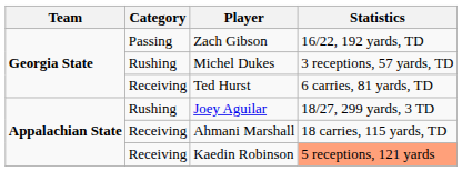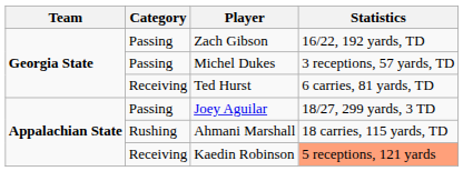 <table class="wikitable" style="float: right;">
 <tr>
 <th>Team</th>
 <th>Category</th>
 <th>Player</th>
 <th>Statistics</th>
 </tr>
 <tr>
 <td rowspan=3><strong>Georgia State</strong></td>
 <td>Passing</td>
 <td>Zach Gibson</td>
 <td>16/22, 192 yards, TD</td>
 </tr>
 <tr>
-<td>Rushing</td>
+<td>Passing</td>
 <td>Michel Dukes</td>
 <td>3 receptions, 57 yards, TD</td>
 </tr>
 <tr>
 <td>Receiving</td>
 <td>Ted Hurst</td>
 <td>6 carries, 81 yards, TD</td>
 </tr>
 <tr>
 <td rowspan=3><strong>Appalachian State</strong></td>
-<td>Rushing</td>
+<td>Passing</td>
 <td><a href='#'>Joey Aguilar</a></td>
 <td>18/27, 299 yards, 3 TD</td>
 </tr>
 <tr>
-<td>Receiving</td>
+<td>Rushing</td>
 <td>Ahmani Marshall</td>
 <td>18 carries, 115 yards, TD</td>
 </tr>
 <tr>
 <td>Receiving</td>
 <td>Kaedin Robinson</td>
 <td style="background: lightsalmon;">5 receptions, 121 yards</td>
 </tr>
 </table>
